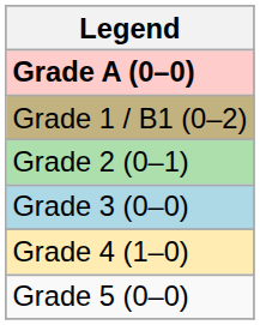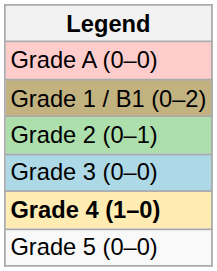 <table class="wikitable" style="font-size:85%;">
 <tr>
 <th>Legend</th>
 </tr>
 <tr bgcolor="ffcccc">
-<td><strong>Grade A (0–0)</strong></td>
+<td>Grade A (0–0)</td>
 </tr>
 <tr bgcolor="C2B280">
 <td>Grade 1 / B1 (0–2)</td>
 </tr>
 <tr bgcolor="ADDFAD">
 <td>Grade 2 (0–1)</td>
 </tr>
 <tr bgcolor="lightblue">
 <td>Grade 3 (0–0)</td>
 </tr>
 <tr bgcolor="ffecb2">
-<td>Grade 4 (1–0)</td>
+<td><strong>Grade 4 (1–0)</strong></td>
 </tr>
 <tr>
 <td>Grade 5 (0–0)</td>
 </tr>
 </table>
